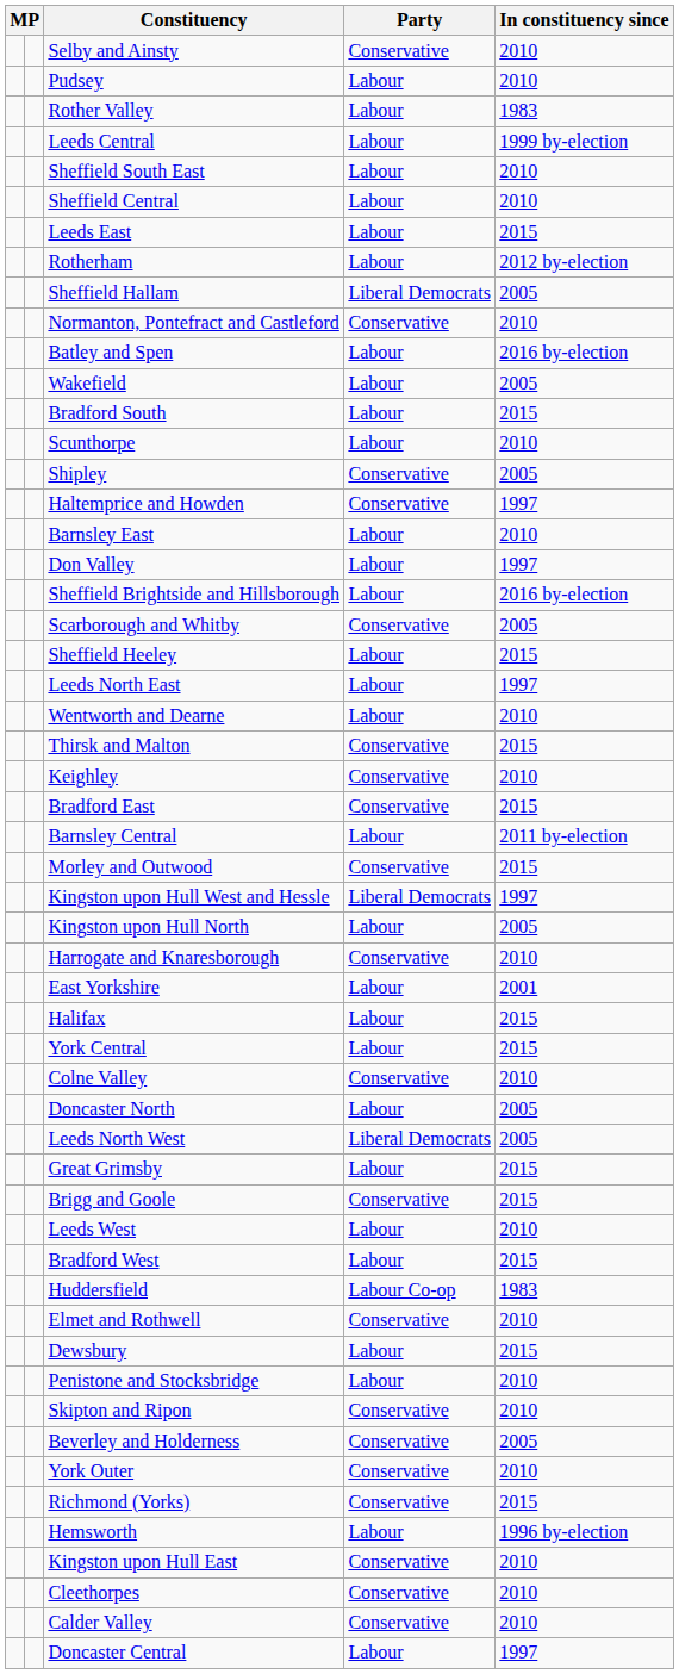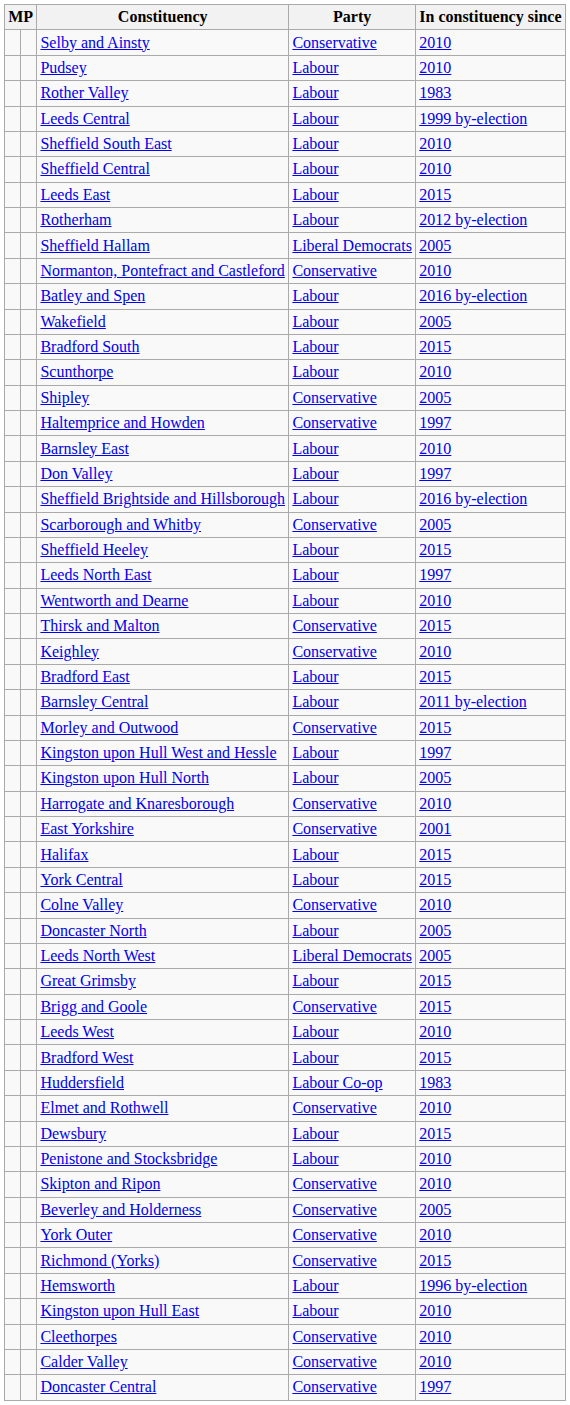 <table class="wikitable sortable">
 <tr>
 <th colspan=2>MP</th>
 <th>Constituency</th>
 <th>Party</th>
 <th>In constituency since</th>
 </tr>
 <tr>
 <td style="background-color: "></td>
 <td></td>
 <td><a href='#'>Selby and Ainsty</a></td>
 <td><a href='#'>Conservative</a></td>
 <td><a href='#'>2010</a></td>
 </tr>
 <tr>
 <td style="background-color: "></td>
 <td></td>
 <td><a href='#'>Pudsey</a></td>
 <td><a href='#'>Labour</a></td>
 <td><a href='#'>2010</a></td>
 </tr>
 <tr>
 <td style="background-color: "></td>
 <td></td>
 <td><a href='#'>Rother Valley</a></td>
 <td><a href='#'>Labour</a></td>
 <td><a href='#'>1983</a></td>
 </tr>
 <tr>
 <td style="background-color: "></td>
 <td></td>
 <td><a href='#'>Leeds Central</a></td>
 <td><a href='#'>Labour</a></td>
 <td><a href='#'>1999 by-election</a></td>
 </tr>
 <tr>
 <td style="background-color: "></td>
 <td></td>
 <td><a href='#'>Sheffield South East</a></td>
 <td><a href='#'>Labour</a></td>
 <td><a href='#'>2010</a></td>
 </tr>
 <tr>
 <td style="background-color: "></td>
 <td></td>
 <td><a href='#'>Sheffield Central</a></td>
 <td><a href='#'>Labour</a></td>
 <td><a href='#'>2010</a></td>
 </tr>
 <tr>
 <td style="background-color: "></td>
 <td></td>
 <td><a href='#'>Leeds East</a></td>
 <td><a href='#'>Labour</a></td>
 <td><a href='#'>2015</a></td>
 </tr>
 <tr>
 <td style="background-color: "></td>
 <td></td>
 <td><a href='#'>Rotherham</a></td>
 <td><a href='#'>Labour</a></td>
 <td><a href='#'>2012 by-election</a></td>
 </tr>
 <tr>
 <td style="background-color: "></td>
 <td></td>
 <td><a href='#'>Sheffield Hallam</a></td>
 <td><a href='#'>Liberal Democrats</a></td>
 <td><a href='#'>2005</a></td>
 </tr>
 <tr>
 <td style="background-color: "></td>
 <td></td>
 <td><a href='#'>Normanton, Pontefract and Castleford</a></td>
 <td><a href='#'>Conservative</a></td>
 <td><a href='#'>2010</a></td>
 </tr>
 <tr>
 <td style="background-color: "></td>
 <td></td>
 <td><a href='#'>Batley and Spen</a></td>
 <td><a href='#'>Labour</a></td>
 <td><a href='#'>2016 by-election</a></td>
 </tr>
 <tr>
 <td style="background-color: "></td>
 <td></td>
 <td><a href='#'>Wakefield</a></td>
 <td><a href='#'>Labour</a></td>
 <td><a href='#'>2005</a></td>
 </tr>
 <tr>
 <td style="background-color: "></td>
 <td></td>
 <td><a href='#'>Bradford South</a></td>
 <td><a href='#'>Labour</a></td>
 <td><a href='#'>2015</a></td>
 </tr>
 <tr>
 <td style="background-color: "></td>
 <td></td>
 <td><a href='#'>Scunthorpe</a></td>
 <td><a href='#'>Labour</a></td>
 <td><a href='#'>2010</a></td>
 </tr>
 <tr>
 <td style="background-color: "></td>
 <td></td>
 <td><a href='#'>Shipley</a></td>
 <td><a href='#'>Conservative</a></td>
 <td><a href='#'>2005</a></td>
 </tr>
 <tr>
 <td style="background-color: "></td>
 <td></td>
 <td><a href='#'>Haltemprice and Howden</a></td>
 <td><a href='#'>Conservative</a></td>
 <td><a href='#'>1997</a></td>
 </tr>
 <tr>
 <td style="background-color: "></td>
 <td></td>
 <td><a href='#'>Barnsley East</a></td>
 <td><a href='#'>Labour</a></td>
 <td><a href='#'>2010</a></td>
 </tr>
 <tr>
 <td style="background-color: "></td>
 <td></td>
 <td><a href='#'>Don Valley</a></td>
 <td><a href='#'>Labour</a></td>
 <td><a href='#'>1997</a></td>
 </tr>
 <tr>
 <td style="background-color: "></td>
 <td></td>
 <td><a href='#'>Sheffield Brightside and Hillsborough</a></td>
 <td><a href='#'>Labour</a></td>
 <td><a href='#'>2016 by-election</a></td>
 </tr>
 <tr>
 <td style="background-color: "></td>
 <td></td>
 <td><a href='#'>Scarborough and Whitby</a></td>
 <td><a href='#'>Conservative</a></td>
 <td><a href='#'>2005</a></td>
 </tr>
 <tr>
 <td style="background-color: "></td>
 <td></td>
 <td><a href='#'>Sheffield Heeley</a></td>
 <td><a href='#'>Labour</a></td>
 <td><a href='#'>2015</a></td>
 </tr>
 <tr>
 <td style="background-color: "></td>
 <td></td>
 <td><a href='#'>Leeds North East</a></td>
 <td><a href='#'>Labour</a></td>
 <td><a href='#'>1997</a></td>
 </tr>
 <tr>
 <td style="background-color: "></td>
 <td></td>
 <td><a href='#'>Wentworth and Dearne</a></td>
 <td><a href='#'>Labour</a></td>
 <td><a href='#'>2010</a></td>
 </tr>
 <tr>
 <td style="background-color: "></td>
 <td></td>
 <td><a href='#'>Thirsk and Malton</a></td>
 <td><a href='#'>Conservative</a></td>
 <td><a href='#'>2015</a></td>
 </tr>
 <tr>
 <td style="background-color: "></td>
 <td></td>
 <td><a href='#'>Keighley</a></td>
 <td><a href='#'>Conservative</a></td>
 <td><a href='#'>2010</a></td>
 </tr>
 <tr>
 <td style="background-color: "></td>
 <td></td>
 <td><a href='#'>Bradford East</a></td>
-<td><a href='#'>Conservative</a></td>
+<td><a href='#'>Labour</a></td>
 <td><a href='#'>2015</a></td>
 </tr>
 <tr>
 <td style="background-color: "></td>
 <td></td>
 <td><a href='#'>Barnsley Central</a></td>
 <td><a href='#'>Labour</a></td>
 <td><a href='#'>2011 by-election</a></td>
 </tr>
 <tr>
 <td style="background-color: "></td>
 <td></td>
 <td><a href='#'>Morley and Outwood</a></td>
 <td><a href='#'>Conservative</a></td>
 <td><a href='#'>2015</a></td>
 </tr>
 <tr>
 <td style="background-color: "></td>
 <td></td>
 <td><a href='#'>Kingston upon Hull West and Hessle</a></td>
-<td><a href='#'>Liberal Democrats</a></td>
+<td><a href='#'>Labour</a></td>
 <td><a href='#'>1997</a></td>
 </tr>
 <tr>
 <td style="background-color: "></td>
 <td></td>
 <td><a href='#'>Kingston upon Hull North</a></td>
 <td><a href='#'>Labour</a></td>
 <td><a href='#'>2005</a></td>
 </tr>
 <tr>
 <td style="background-color: "></td>
 <td></td>
 <td><a href='#'>Harrogate and Knaresborough</a></td>
 <td><a href='#'>Conservative</a></td>
 <td><a href='#'>2010</a></td>
 </tr>
 <tr>
 <td style="background-color: "></td>
 <td></td>
 <td><a href='#'>East Yorkshire</a></td>
-<td><a href='#'>Labour</a></td>
+<td><a href='#'>Conservative</a></td>
 <td><a href='#'>2001</a></td>
 </tr>
 <tr>
 <td style="background-color: "></td>
 <td></td>
 <td><a href='#'>Halifax</a></td>
 <td><a href='#'>Labour</a></td>
 <td><a href='#'>2015</a></td>
 </tr>
 <tr>
 <td style="background-color: "></td>
 <td></td>
 <td><a href='#'>York Central</a></td>
 <td><a href='#'>Labour</a></td>
 <td><a href='#'>2015</a></td>
 </tr>
 <tr>
 <td style="background-color: "></td>
 <td></td>
 <td><a href='#'>Colne Valley</a></td>
 <td><a href='#'>Conservative</a></td>
 <td><a href='#'>2010</a></td>
 </tr>
 <tr>
 <td style="background-color: "></td>
 <td></td>
 <td><a href='#'>Doncaster North</a></td>
 <td><a href='#'>Labour</a></td>
 <td><a href='#'>2005</a></td>
 </tr>
 <tr>
 <td style="background-color: "></td>
 <td></td>
 <td><a href='#'>Leeds North West</a></td>
 <td><a href='#'>Liberal Democrats</a></td>
 <td><a href='#'>2005</a></td>
 </tr>
 <tr>
 <td style="background-color: "></td>
 <td></td>
 <td><a href='#'>Great Grimsby</a></td>
 <td><a href='#'>Labour</a></td>
 <td><a href='#'>2015</a></td>
 </tr>
 <tr>
 <td style="background-color: "></td>
 <td></td>
 <td><a href='#'>Brigg and Goole</a></td>
 <td><a href='#'>Conservative</a></td>
 <td><a href='#'>2015</a></td>
 </tr>
 <tr>
 <td style="background-color: "></td>
 <td></td>
 <td><a href='#'>Leeds West</a></td>
 <td><a href='#'>Labour</a></td>
 <td><a href='#'>2010</a></td>
 </tr>
 <tr>
 <td style="background-color: "></td>
 <td></td>
 <td><a href='#'>Bradford West</a></td>
 <td><a href='#'>Labour</a></td>
 <td><a href='#'>2015</a></td>
 </tr>
 <tr>
 <td style="background-color: "></td>
 <td></td>
 <td><a href='#'>Huddersfield</a></td>
 <td><a href='#'>Labour Co-op</a></td>
 <td><a href='#'>1983</a></td>
 </tr>
 <tr>
 <td style="background-color: "></td>
 <td></td>
 <td><a href='#'>Elmet and Rothwell</a></td>
 <td><a href='#'>Conservative</a></td>
 <td><a href='#'>2010</a></td>
 </tr>
 <tr>
 <td style="background-color: "></td>
 <td></td>
 <td><a href='#'>Dewsbury</a></td>
 <td><a href='#'>Labour</a></td>
 <td><a href='#'>2015</a></td>
 </tr>
 <tr>
 <td style="background-color: "></td>
 <td></td>
 <td><a href='#'>Penistone and Stocksbridge</a></td>
 <td><a href='#'>Labour</a></td>
 <td><a href='#'>2010</a></td>
 </tr>
 <tr>
 <td style="background-color: "></td>
 <td></td>
 <td><a href='#'>Skipton and Ripon</a></td>
 <td><a href='#'>Conservative</a></td>
 <td><a href='#'>2010</a></td>
 </tr>
 <tr>
 <td style="background-color: "></td>
 <td></td>
 <td><a href='#'>Beverley and Holderness</a></td>
 <td><a href='#'>Conservative</a></td>
 <td><a href='#'>2005</a></td>
 </tr>
 <tr>
 <td style="background-color: "></td>
 <td></td>
 <td><a href='#'>York Outer</a></td>
 <td><a href='#'>Conservative</a></td>
 <td><a href='#'>2010</a></td>
 </tr>
 <tr>
 <td style="background-color: "></td>
 <td></td>
 <td><a href='#'>Richmond (Yorks)</a></td>
 <td><a href='#'>Conservative</a></td>
 <td><a href='#'>2015</a></td>
 </tr>
 <tr>
 <td style="background-color: "></td>
 <td></td>
 <td><a href='#'>Hemsworth</a></td>
 <td><a href='#'>Labour</a></td>
 <td><a href='#'>1996 by-election</a></td>
 </tr>
 <tr>
 <td style="background-color: "></td>
 <td></td>
 <td><a href='#'>Kingston upon Hull East</a></td>
-<td><a href='#'>Conservative</a></td>
+<td><a href='#'>Labour</a></td>
 <td><a href='#'>2010</a></td>
 </tr>
 <tr>
 <td style="background-color: "></td>
 <td></td>
 <td><a href='#'>Cleethorpes</a></td>
 <td><a href='#'>Conservative</a></td>
 <td><a href='#'>2010</a></td>
 </tr>
 <tr>
 <td style="background-color: "></td>
 <td></td>
 <td><a href='#'>Calder Valley</a></td>
 <td><a href='#'>Conservative</a></td>
 <td><a href='#'>2010</a></td>
 </tr>
 <tr>
 <td style="background-color: "></td>
 <td></td>
 <td><a href='#'>Doncaster Central</a></td>
-<td><a href='#'>Labour</a></td>
+<td><a href='#'>Conservative</a></td>
 <td><a href='#'>1997</a></td>
 </tr>
 </table>
